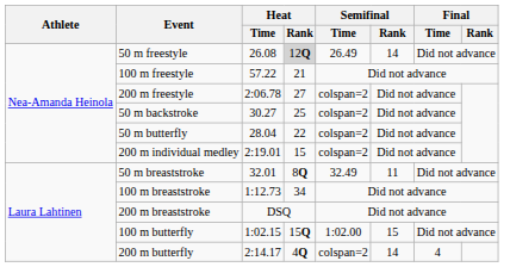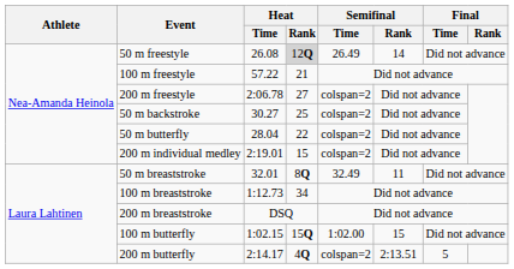 <table class=wikitable style="font-size:90%">
 <tr>
 <th rowspan=2>Athlete</th>
 <th rowspan=2>Event</th>
 <th colspan="2">Heat</th>
 <th colspan="2">Semifinal</th>
 <th colspan="2">Final</th>
 </tr>
 <tr style="font-size:95%">
 <th>Time</th>
 <th>Rank</th>
 <th>Time</th>
 <th>Rank</th>
 <th>Time</th>
 <th>Rank</th>
 </tr>
 <tr align=center>
 <td rowspan=6 align=left><a href='#'>Nea-Amanda Heinola</a></td>
 <td align=left>50 m freestyle</td>
 <td>26.08</td>
 <td style="background: lightgrey;">12<strong>Q</strong></td>
 <td>26.49</td>
 <td>14</td>
 <td colspan=2>Did not advance</td>
 </tr>
 <tr align=center>
 <td align=left>100 m freestyle</td>
 <td>57.22</td>
 <td>21</td>
 <td colspan=4>Did not advance</td>
 </tr>
 <tr align=center>
 <td align=left>200 m freestyle</td>
 <td>2:06.78</td>
 <td>27</td>
 <td>colspan=2 </td>
 <td colspan=2>Did not advance</td>
 </tr>
 <tr align=center>
 <td align=left>50 m backstroke</td>
 <td>30.27</td>
 <td>25</td>
 <td>colspan=2 </td>
 <td colspan=2>Did not advance</td>
 </tr>
 <tr align=center>
 <td align=left>50 m butterfly</td>
 <td>28.04</td>
 <td>22</td>
 <td>colspan=2 </td>
 <td colspan=2>Did not advance</td>
 </tr>
 <tr align=center>
 <td align=left>200 m individual medley</td>
 <td>2:19.01</td>
 <td>15</td>
 <td>colspan=2 </td>
 <td colspan=2>Did not advance</td>
 </tr>
 <tr align=center>
 <td rowspan=5 align=left><a href='#'>Laura Lahtinen</a></td>
 <td align=left>50 m breaststroke</td>
 <td>32.01</td>
 <td>8<strong>Q</strong></td>
 <td>32.49</td>
 <td>11</td>
 <td colspan=2>Did not advance</td>
 </tr>
 <tr align=center>
 <td align=left>100 m breaststroke</td>
 <td>1:12.73</td>
 <td>34</td>
 <td colspan=4>Did not advance</td>
 </tr>
 <tr align=center>
 <td align=left>200 m breaststroke</td>
 <td colspan=2>DSQ</td>
 <td colspan=4>Did not advance</td>
 </tr>
 <tr align=center>
 <td align=left>100 m butterfly</td>
 <td>1:02.15</td>
 <td>15<strong>Q</strong></td>
 <td>1:02.00</td>
 <td>15</td>
 <td colspan=2>Did not advance</td>
 </tr>
 <tr align=center>
 <td align=left>200 m butterfly</td>
 <td>2:14.17</td>
 <td>4<strong>Q</strong></td>
 <td>colspan=2 </td>
-<td>14</td>
-<td>4</td>
+<td>2:13.51</td>
+<td>5</td>
 </tr>
 </table>
